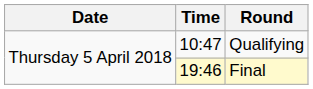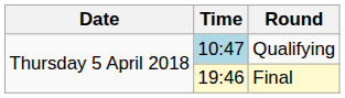 <table class="wikitable">
 <tr>
 <th>Date</th>
 <th>Time</th>
 <th>Round</th>
 </tr>
 <tr>
 <td rowspan=2>Thursday 5 April 2018</td>
-<td>10:47</td>
+<td style="background: lightblue;">10:47</td>
 <td>Qualifying</td>
 </tr>
 <tr>
 <td style=background:lemonchiffon>19:46</td>
 <td style=background:lemonchiffon>Final</td>
 </tr>
 </table>
